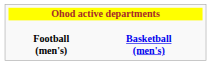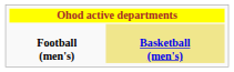 <table class="infobox" style="width: 20em; font-size: 95%em;">
 <tr style="color:brown; background:yellow; text-align:center;">
 <th colspan="2" style="text-align: center">Ohod active departments</th>
 </tr>
 <tr style="text-align: center">
 <td><br><strong>Football<br>(men's)</strong></td>
-<td><br><strong><a href='#'>Basketball<br>(men's)</a></strong></td>
+<td style="background: khaki;"><br><strong><a href='#'>Basketball<br>(men's)</a></strong></td>
 </tr>
 </table>
